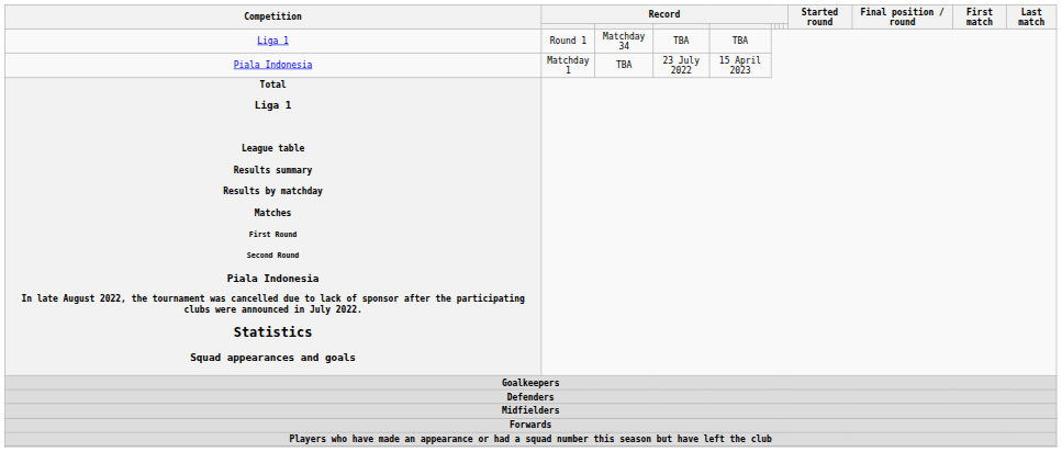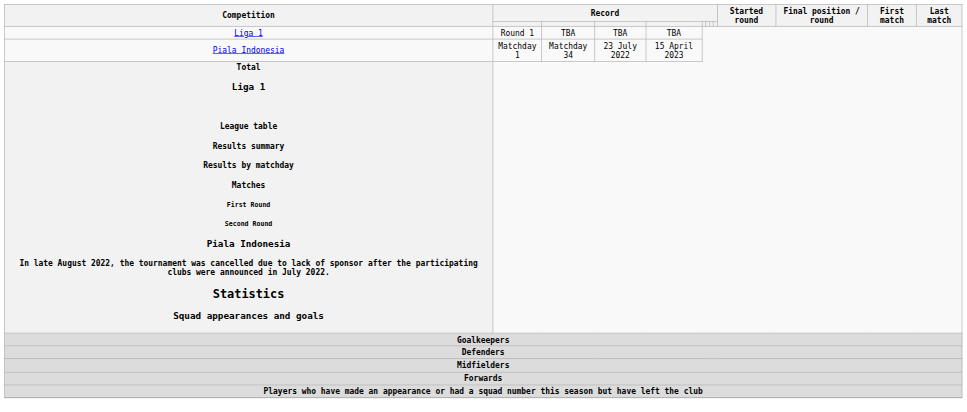 <table class="wikitable" style="text-align: center">
 <tr>
 <th rowspan=2>Competition</th>
 <th colspan=8>Record</th>
 <th rowspan=2>Started round</th>
 <th rowspan=2>Final position / round</th>
 <th rowspan=2>First match</th>
 <th rowspan=2>Last match</th>
 </tr>
 <tr>
 <th></th>
 <th></th>
 <th></th>
 <th></th>
 <th></th>
 <th></th>
 <th></th>
 <th></th>
 </tr>
 <tr>
 <td><a href='#'>Liga 1</a><br></td>
 <td>Round 1</td>
-<td>Matchday 34</td>
+<td>TBA</td>
 <td>TBA</td>
 <td>TBA</td>
 </tr>
 <tr>
 <td><a href='#'>Piala Indonesia</a><br></td>
 <td>Matchday 1</td>
-<td>TBA</td>
+<td>Matchday 34</td>
 <td>23 July 2022</td>
 <td>15 April 2023</td>
 </tr>
 <tr>
 <th>Total<br> <h3>Liga 1</h3><br><h4>League table</h4><h4>Results summary</h4> <h4>Results by matchday</h4><h4>Matches</h4>  <h5>First Round</h5>                <h5>Second Round</h5>                          <h3>Piala Indonesia</h3> In late August 2022, the tournament was cancelled due to lack of sponsor after the participating clubs were announced in July 2022.<h2>Statistics</h2><h3>Squad appearances and goals</h3></th>
 </tr>
 <tr>
 <th colspan=14 style=background:#dcdcdc; text-align:center>Goalkeepers<br>   </th>
 </tr>
 <tr>
 <th colspan=14 style=background:#dcdcdc; text-align:center>Defenders<br>           </th>
 </tr>
 <tr>
 <th colspan=14 style=background:#dcdcdc; text-align:center>Midfielders<br>            </th>
 </tr>
 <tr>
 <th colspan=14 style=background:#dcdcdc; text-align:center>Forwards<br>    </th>
 </tr>
 <tr>
 <th colspan=14 style=background:#dcdcdc; text-align:center>Players who have made an appearance or had a squad number this season but have left the club</th>
 </tr>
 <tr>
 </tr>
 </table>
